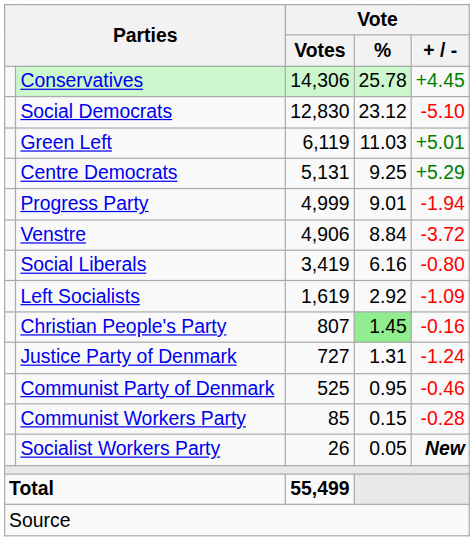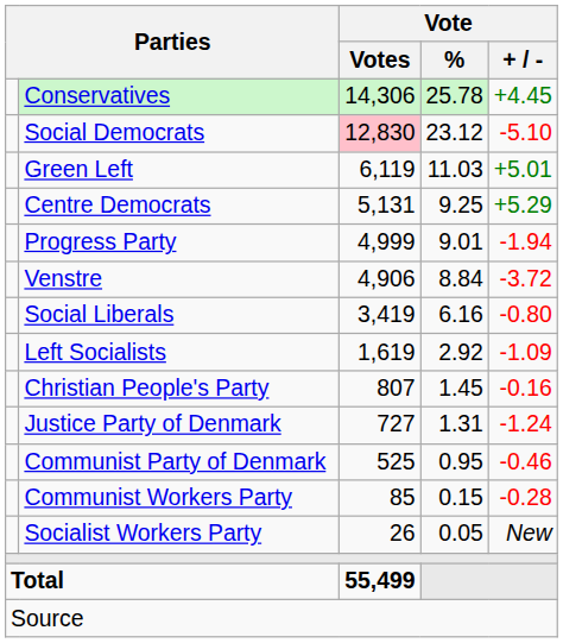 <table class="wikitable" style="text-align:right;">
 <tr>
 <th style="text-align:centre;" rowspan="2" colspan="2" width="225">Parties</th>
 <th colspan="3">Vote</th>
 </tr>
 <tr>
 <th width="15">Votes</th>
 <th width="15">%</th>
 <th width="15">+ / -</th>
 </tr>
 <tr>
 <td width="2" style="color:inherit;background:"></td>
 <td bgcolor=#ccf7cc  align="left"><a href='#'>Conservatives</a></td>
 <td bgcolor=#ccf7cc>14,306</td>
 <td bgcolor=#ccf7cc>25.78</td>
 <td style=color:green;>+4.45</td>
 </tr>
 <tr>
 <td width="2" style="color:inherit;background:"></td>
 <td align="left"><a href='#'>Social Democrats</a></td>
-<td>12,830</td>
+<td style="background: pink;">12,830</td>
 <td>23.12</td>
 <td style=color:red;>-5.10</td>
 </tr>
 <tr>
 <td width="2" style="color:inherit;background:"></td>
 <td align="left"><a href='#'>Green Left</a></td>
 <td>6,119</td>
 <td>11.03</td>
 <td style=color:green;>+5.01</td>
 </tr>
 <tr>
 <td width="2" style="color:inherit;background:"></td>
 <td align="left"><a href='#'>Centre Democrats</a></td>
 <td>5,131</td>
 <td>9.25</td>
 <td style=color:green;>+5.29</td>
 </tr>
 <tr>
 <td width="2" style="color:inherit;background:"></td>
 <td align="left"><a href='#'>Progress Party</a></td>
 <td>4,999</td>
 <td>9.01</td>
 <td style=color:red;>-1.94</td>
 </tr>
 <tr>
 <td width="2" style="color:inherit;background:"></td>
 <td align="left"><a href='#'>Venstre</a></td>
 <td>4,906</td>
 <td>8.84</td>
 <td style=color:red;>-3.72</td>
 </tr>
 <tr>
 <td width="2" style="color:inherit;background:"></td>
 <td align="left"><a href='#'>Social Liberals</a></td>
 <td>3,419</td>
 <td>6.16</td>
 <td style=color:red;>-0.80</td>
 </tr>
 <tr>
 <td width="2" style="color:inherit;background:"></td>
 <td align="left"><a href='#'>Left Socialists</a></td>
 <td>1,619</td>
 <td>2.92</td>
 <td style=color:red;>-1.09</td>
 </tr>
 <tr>
 <td width="2" style="color:inherit;background:"></td>
 <td align="left"><a href='#'>Christian People's Party</a></td>
 <td>807</td>
-<td style="background: lightgreen;">1.45</td>
+<td>1.45</td>
 <td style=color:red;>-0.16</td>
 </tr>
 <tr>
 <td width="2" style="color:inherit;background:"></td>
 <td align="left"><a href='#'>Justice Party of Denmark</a></td>
 <td>727</td>
 <td>1.31</td>
 <td style=color:red;>-1.24</td>
 </tr>
 <tr>
 <td width="2" style="color:inherit;background:"></td>
 <td align="left"><a href='#'>Communist Party of Denmark</a></td>
 <td>525</td>
 <td>0.95</td>
 <td style=color:red;>-0.46</td>
 </tr>
 <tr>
 <td width="2" style="color:inherit;background:"></td>
 <td align="left"><a href='#'>Communist Workers Party</a></td>
 <td>85</td>
 <td>0.15</td>
 <td style=color:red;>-0.28</td>
 </tr>
 <tr>
 <td width="2" style="color:inherit;background:"></td>
 <td align="left"><a href='#'>Socialist Workers Party</a></td>
 <td>26</td>
 <td>0.05</td>
-<td><strong><em>New</em></strong></td>
+<td><em>New</em></td>
 </tr>
 <tr>
 <td colspan="7" bgcolor="#E9E9E9"></td>
 </tr>
 <tr>
 <td align="left" colspan="2"><strong>Total</strong></td>
 <td><strong>55,499</strong></td>
 <td bgcolor="#E9E9E9" colspan="2"></td>
 </tr>
 <tr>
 <td align="left" colspan="6">Source</td>
 </tr>
 </table>
